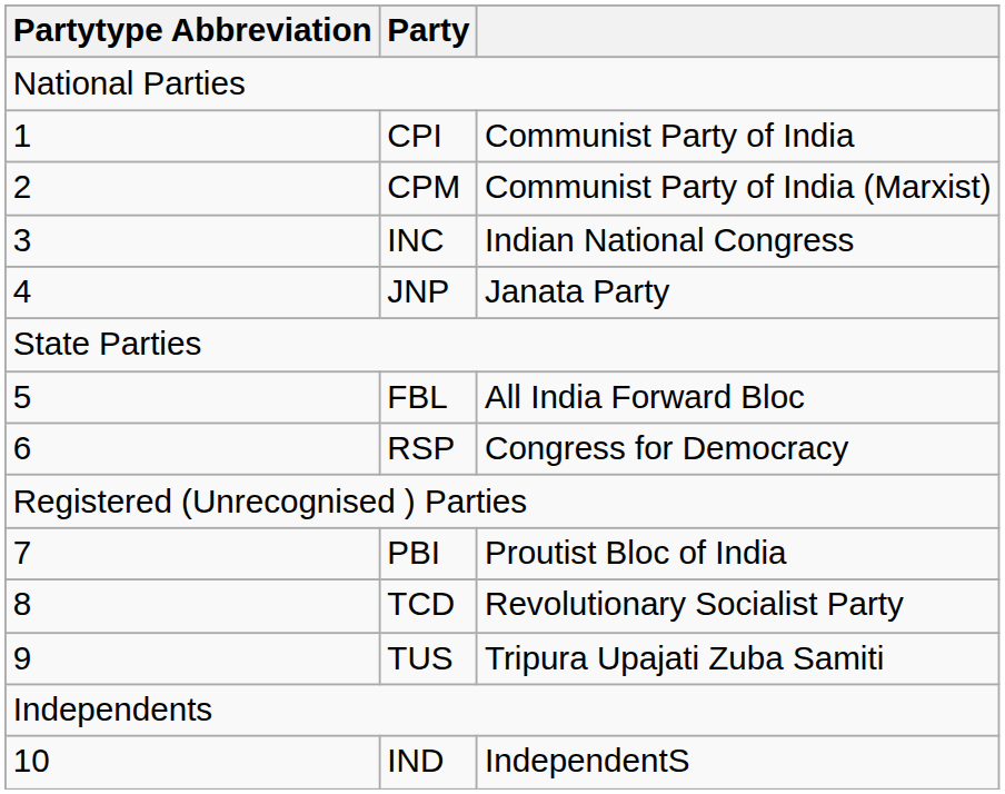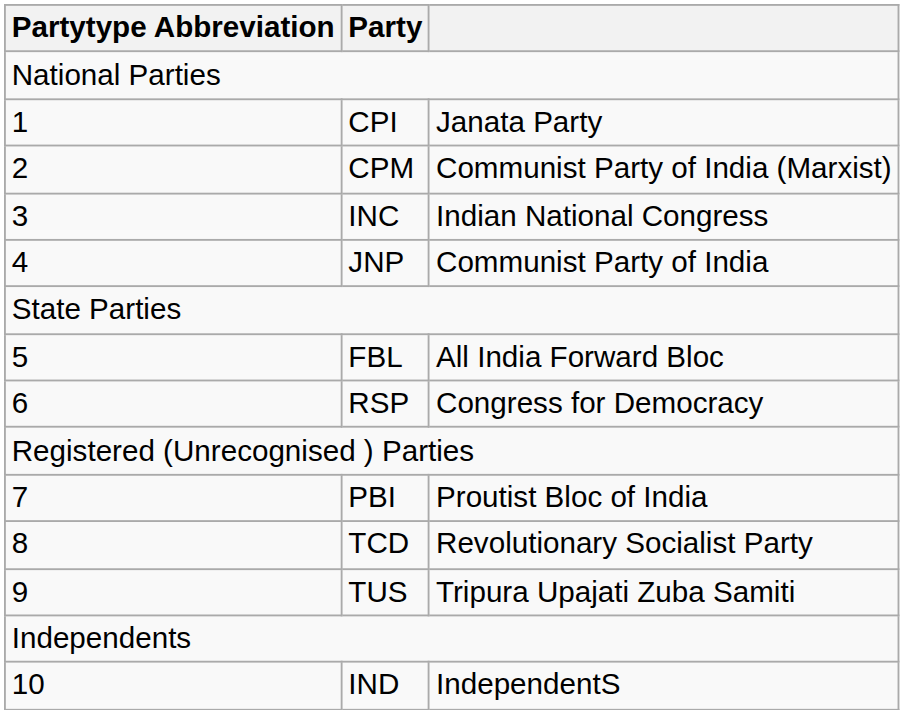 <table class="wikitable">
 <tr>
 <th>Partytype Abbreviation</th>
 <th>Party</th>
 <th></th>
 </tr>
 <tr>
 <td colspan="3">National Parties</td>
 </tr>
 <tr>
 <td>1</td>
 <td>CPI</td>
-<td>Communist Party of India</td>
+<td>Janata Party</td>
 </tr>
 <tr>
 <td>2</td>
 <td>CPM</td>
 <td>Communist Party of India (Marxist)</td>
 </tr>
 <tr>
 <td>3</td>
 <td>INC</td>
 <td>Indian National Congress</td>
 </tr>
 <tr>
 <td>4</td>
 <td>JNP</td>
-<td>Janata Party</td>
+<td>Communist Party of India</td>
 </tr>
 <tr>
 <td colspan="3">State Parties</td>
 </tr>
 <tr>
 <td>5</td>
 <td>FBL</td>
 <td>All India Forward Bloc</td>
 </tr>
 <tr>
 <td>6</td>
 <td>RSP</td>
 <td>Congress for Democracy</td>
 </tr>
 <tr>
 <td colspan="3">Registered (Unrecognised ) Parties</td>
 </tr>
 <tr>
 <td>7</td>
 <td>PBI</td>
 <td>Proutist Bloc of India</td>
 </tr>
 <tr>
 <td>8</td>
 <td>TCD</td>
 <td>Revolutionary Socialist Party</td>
 </tr>
 <tr>
 <td>9</td>
 <td>TUS</td>
 <td>Tripura Upajati Zuba Samiti</td>
 </tr>
 <tr>
 <td colspan="3">Independents</td>
 </tr>
 <tr>
 <td>10</td>
 <td>IND</td>
 <td>IndependentS</td>
 </tr>
 </table>
